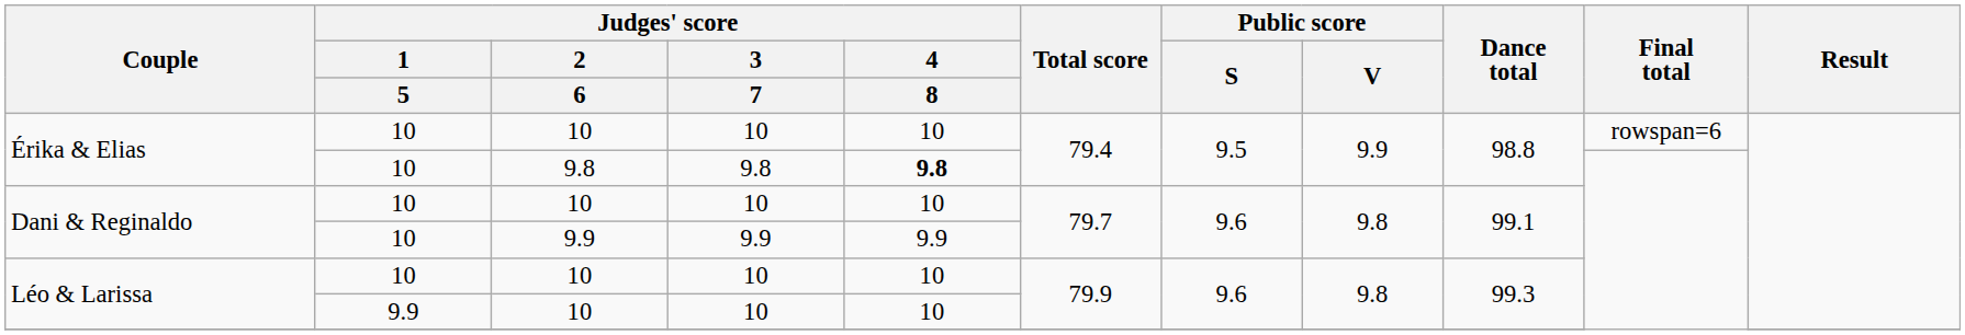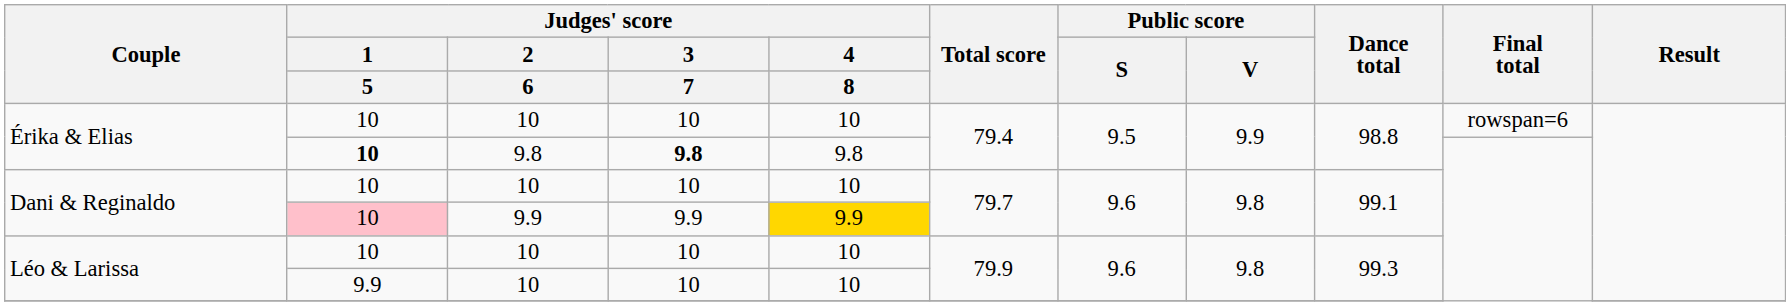 <table class="wikitable" style="font-size:100%; line-height:16px; text-align:center" width="100%">
 <tr>
 <th rowspan=3 width="11.0%">Couple</th>
 <th colspan=4 width="25.0%">Judges' score</th>
 <th rowspan=3 width="05.0%">Total score</th>
 <th colspan=2 width="20.0%">Public score</th>
 <th rowspan=3 width="05.0%">Dance<br>total</th>
 <th rowspan=3 width="05.0%">Final<br>total</th>
 <th rowspan=3 width="07.5%">Result</th>
 </tr>
 <tr>
 <th>1</th>
 <th>2</th>
 <th>3</th>
 <th>4</th>
 <th rowspan=2 width="05.0%">S</th>
 <th rowspan=2 width="05.0%">V</th>
 </tr>
 <tr>
 <th>5</th>
 <th>6</th>
 <th>7</th>
 <th>8</th>
 </tr>
 <tr>
 <td align="left" rowspan=2>Érika & Elias</td>
 <td>10</td>
 <td>10</td>
 <td>10</td>
 <td>10</td>
 <td rowspan=2>79.4</td>
 <td rowspan=2>9.5</td>
 <td rowspan=2>9.9</td>
 <td rowspan=2>98.8</td>
 <td>rowspan=6 </td>
 <td rowspan=6></td>
 </tr>
 <tr>
-<td>10</td>
-<td>9.8</td>
+<td><strong>10</strong></td>
 <td>9.8</td>
 <td><strong>9.8</strong></td>
+<td>9.8</td>
 </tr>
 <tr>
 <td align="left" rowspan=2>Dani & Reginaldo</td>
 <td>10</td>
 <td>10</td>
 <td>10</td>
 <td>10</td>
 <td rowspan=2>79.7</td>
 <td rowspan=2>9.6</td>
 <td rowspan=2>9.8</td>
 <td rowspan=2>99.1</td>
 </tr>
 <tr>
-<td>10</td>
+<td style="background: pink;">10</td>
 <td>9.9</td>
 <td>9.9</td>
-<td>9.9</td>
+<td style="background: gold;">9.9</td>
 </tr>
 <tr>
 <td align="left" rowspan=2>Léo & Larissa</td>
 <td>10</td>
 <td>10</td>
 <td>10</td>
 <td>10</td>
 <td rowspan=2>79.9</td>
 <td rowspan=2>9.6</td>
 <td rowspan=2>9.8</td>
 <td rowspan=2>99.3</td>
 </tr>
 <tr>
 <td>9.9</td>
 <td>10</td>
 <td>10</td>
 <td>10</td>
 </tr>
 <tr>
 </tr>
 </table>
